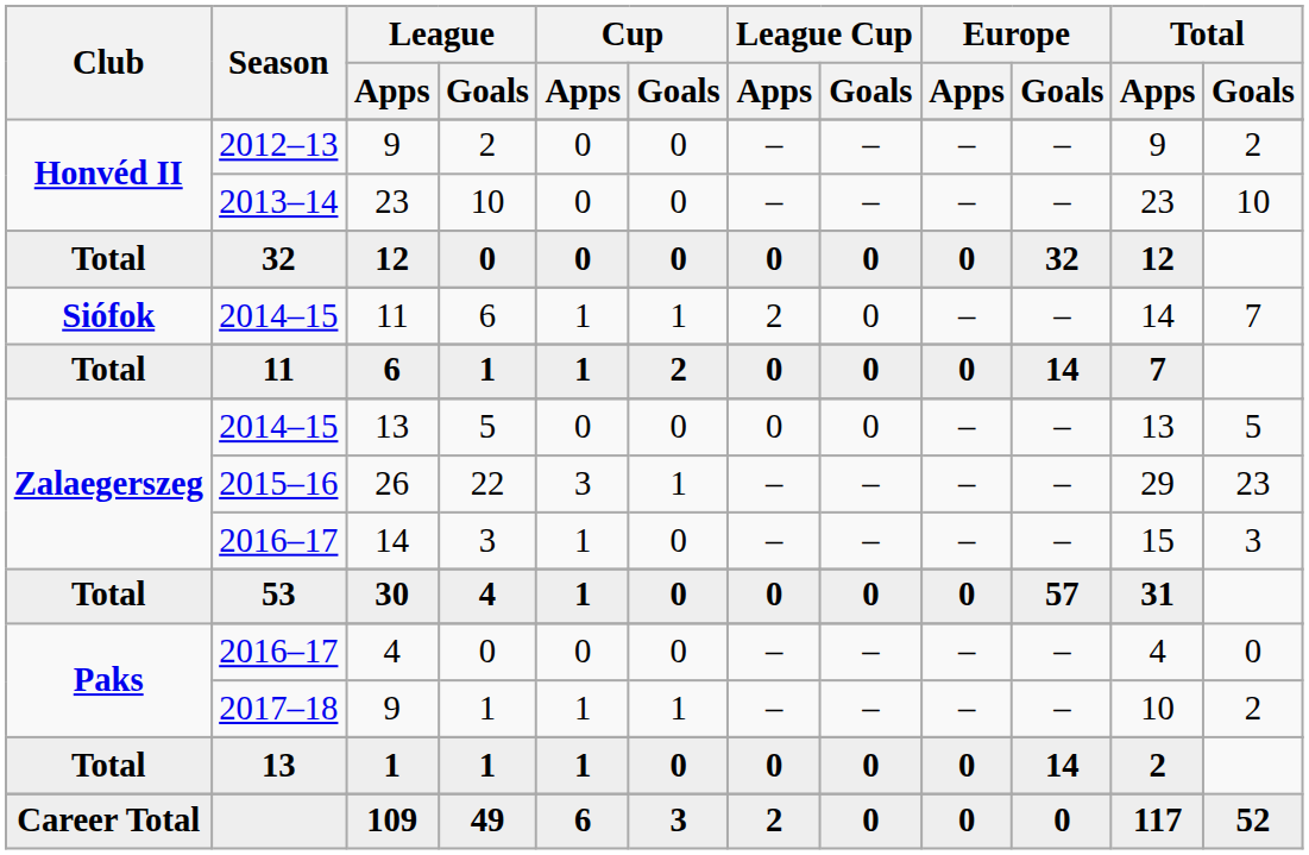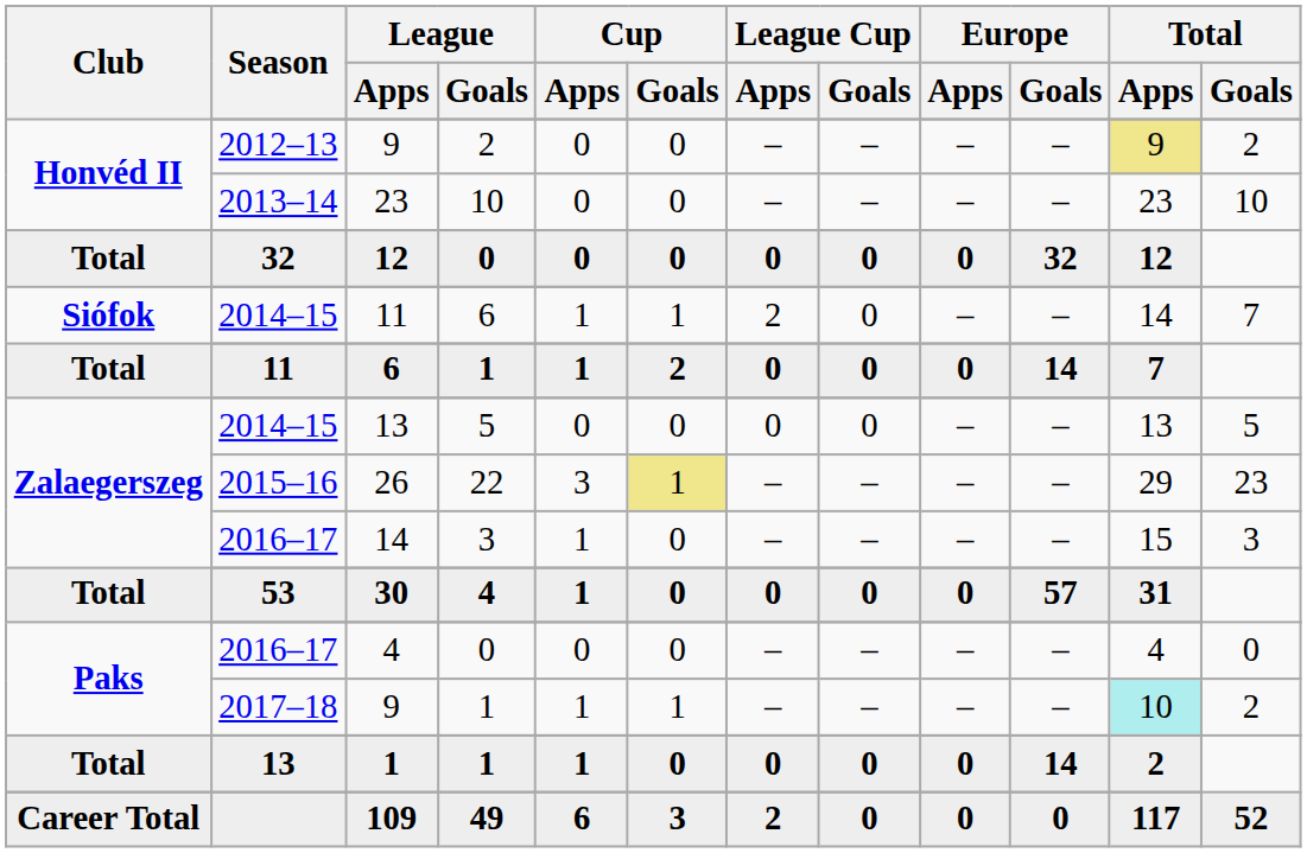 <table class="wikitable" style="font-size:90%; text-align: center;">
 <tr>
 <th rowspan="2">Club</th>
 <th rowspan="2">Season</th>
 <th colspan="2">League</th>
 <th colspan="2">Cup</th>
 <th colspan="2">League Cup</th>
 <th colspan="2">Europe</th>
 <th colspan="2">Total</th>
 </tr>
 <tr>
 <th>Apps</th>
 <th>Goals</th>
 <th>Apps</th>
 <th>Goals</th>
 <th>Apps</th>
 <th>Goals</th>
 <th>Apps</th>
 <th>Goals</th>
 <th>Apps</th>
 <th>Goals</th>
 </tr>
 <tr ||-||-||-|->
 <td rowspan="4" valign="center"><strong><a href='#'>Honvéd II</a></strong></td>
 </tr>
 <tr>
 <td><a href='#'>2012–13</a></td>
 <td>9</td>
 <td>2</td>
 <td>0</td>
 <td>0</td>
 <td>–</td>
 <td>–</td>
 <td>–</td>
 <td>–</td>
-<td>9</td>
+<td style="background: khaki;">9</td>
 <td>2</td>
 </tr>
 <tr>
 <td><a href='#'>2013–14</a></td>
 <td>23</td>
 <td>10</td>
 <td>0</td>
 <td>0</td>
 <td>–</td>
 <td>–</td>
 <td>–</td>
 <td>–</td>
 <td>23</td>
 <td>10</td>
 </tr>
 <tr>
 </tr>
 <tr style="font-weight:bold; background-color:#eeeeee;">
 <td>Total</td>
 <td>32</td>
 <td>12</td>
 <td>0</td>
 <td>0</td>
 <td>0</td>
 <td>0</td>
 <td>0</td>
 <td>0</td>
 <td>32</td>
 <td>12</td>
 </tr>
 <tr>
 <td rowspan="3" valign="center"><strong><a href='#'>Siófok</a></strong></td>
 </tr>
 <tr>
 <td><a href='#'>2014–15</a></td>
 <td>11</td>
 <td>6</td>
 <td>1</td>
 <td>1</td>
 <td>2</td>
 <td>0</td>
 <td>–</td>
 <td>–</td>
 <td>14</td>
 <td>7</td>
 </tr>
 <tr>
 </tr>
 <tr style="font-weight:bold; background-color:#eeeeee;">
 <td>Total</td>
 <td>11</td>
 <td>6</td>
 <td>1</td>
 <td>1</td>
 <td>2</td>
 <td>0</td>
 <td>0</td>
 <td>0</td>
 <td>14</td>
 <td>7</td>
 </tr>
 <tr>
 <td rowspan="5" valign="center"><strong><a href='#'>Zalaegerszeg</a></strong></td>
 </tr>
 <tr>
 <td><a href='#'>2014–15</a></td>
 <td>13</td>
 <td>5</td>
 <td>0</td>
 <td>0</td>
 <td>0</td>
 <td>0</td>
 <td>–</td>
 <td>–</td>
 <td>13</td>
 <td>5</td>
 </tr>
 <tr>
 <td><a href='#'>2015–16</a></td>
 <td>26</td>
 <td>22</td>
 <td>3</td>
-<td>1</td>
+<td style="background: khaki;">1</td>
 <td>–</td>
 <td>–</td>
 <td>–</td>
 <td>–</td>
 <td>29</td>
 <td>23</td>
 </tr>
 <tr>
 <td><a href='#'>2016–17</a></td>
 <td>14</td>
 <td>3</td>
 <td>1</td>
 <td>0</td>
 <td>–</td>
 <td>–</td>
 <td>–</td>
 <td>–</td>
 <td>15</td>
 <td>3</td>
 </tr>
 <tr>
 </tr>
 <tr style="font-weight:bold; background-color:#eeeeee;">
 <td>Total</td>
 <td>53</td>
 <td>30</td>
 <td>4</td>
 <td>1</td>
 <td>0</td>
 <td>0</td>
 <td>0</td>
 <td>0</td>
 <td>57</td>
 <td>31</td>
 </tr>
 <tr>
 <td rowspan="4" valign="center"><strong><a href='#'>Paks</a></strong></td>
 </tr>
 <tr>
 <td><a href='#'>2016–17</a></td>
 <td>4</td>
 <td>0</td>
 <td>0</td>
 <td>0</td>
 <td>–</td>
 <td>–</td>
 <td>–</td>
 <td>–</td>
 <td>4</td>
 <td>0</td>
 </tr>
 <tr>
 <td><a href='#'>2017–18</a></td>
 <td>9</td>
 <td>1</td>
 <td>1</td>
 <td>1</td>
 <td>–</td>
 <td>–</td>
 <td>–</td>
 <td>–</td>
-<td>10</td>
+<td style="background: paleturquoise;">10</td>
 <td>2</td>
 </tr>
 <tr>
 </tr>
 <tr style="font-weight:bold; background-color:#eeeeee;">
 <td>Total</td>
 <td>13</td>
 <td>1</td>
 <td>1</td>
 <td>1</td>
 <td>0</td>
 <td>0</td>
 <td>0</td>
 <td>0</td>
 <td>14</td>
 <td>2</td>
 </tr>
 <tr>
 </tr>
 <tr style="font-weight:bold; background-color:#eeeeee;">
 <td rowspan="2" valign="top"><strong>Career Total</strong></td>
 <td></td>
 <td><strong>109</strong></td>
 <td><strong>49</strong></td>
 <td><strong>6</strong></td>
 <td><strong>3</strong></td>
 <td><strong>2</strong></td>
 <td><strong>0</strong></td>
 <td><strong>0</strong></td>
 <td><strong>0</strong></td>
 <td><strong>117</strong></td>
 <td><strong>52</strong></td>
 </tr>
 </table>
